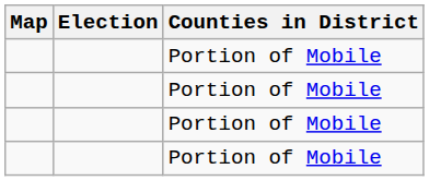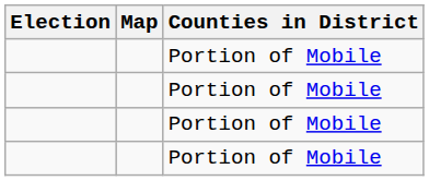 <table class="wikitable">
 <tr>
+<th>Election</th>
 <th>Map</th>
-<th>Election</th>
 <th>Counties in District</th>
 </tr>
 <tr>
 <td></td>
 <td></td>
 <td>Portion of <a href='#'>Mobile</a></td>
 </tr>
 <tr>
 <td></td>
 <td></td>
 <td>Portion of <a href='#'>Mobile</a></td>
 </tr>
 <tr>
 <td></td>
 <td></td>
 <td>Portion of <a href='#'>Mobile</a></td>
 </tr>
 <tr>
 <td></td>
 <td></td>
 <td>Portion of <a href='#'>Mobile</a></td>
 </tr>
 </table>
